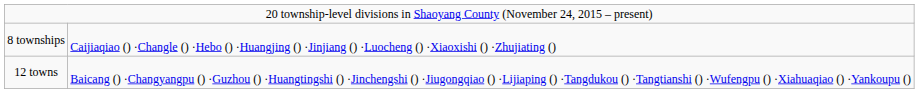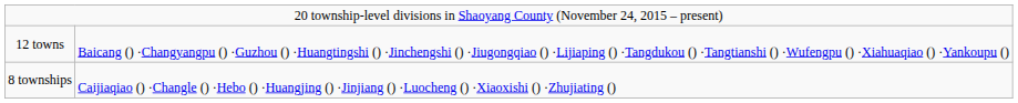 <table class="wikitable">
 <tr>
 <td style="text-align:center;" colspan="2">20 township-level divisions in <a href='#'>Shaoyang County</a> (November 24, 2015 – present)</td>
 </tr>
 <tr align=left>
+<td align=center>12 towns</td>
+<td><br><a href='#'>Baicang</a> () ·<a href='#'>Changyangpu</a> () ·<a href='#'>Guzhou</a> () ·<a href='#'>Huangtingshi</a> () ·<a href='#'>Jinchengshi</a> () ·<a href='#'>Jiugongqiao</a> () ·<a href='#'>Lijiaping</a> () ·<a href='#'>Tangdukou</a> () ·<a href='#'>Tangtianshi</a> () ·<a href='#'>Wufengpu</a> () ·<a href='#'>Xiahuaqiao</a> () ·<a href='#'>Yankoupu</a> ()</td>
+</tr>
+<tr align=left>
 <td align=center>8 townships</td>
 <td><br><a href='#'>Caijiaqiao</a> () ·<a href='#'>Changle</a> () ·<a href='#'>Hebo</a> () ·<a href='#'>Huangjing</a> () ·<a href='#'>Jinjiang</a> () ·<a href='#'>Luocheng</a> () ·<a href='#'>Xiaoxishi</a> () ·<a href='#'>Zhujiating</a> ()</td>
 </tr>
-<tr align=left>
-<td align=center>12 towns</td>
-<td><br><a href='#'>Baicang</a> () ·<a href='#'>Changyangpu</a> () ·<a href='#'>Guzhou</a> () ·<a href='#'>Huangtingshi</a> () ·<a href='#'>Jinchengshi</a> () ·<a href='#'>Jiugongqiao</a> () ·<a href='#'>Lijiaping</a> () ·<a href='#'>Tangdukou</a> () ·<a href='#'>Tangtianshi</a> () ·<a href='#'>Wufengpu</a> () ·<a href='#'>Xiahuaqiao</a> () ·<a href='#'>Yankoupu</a> ()</td>
-</tr>
 </table>
